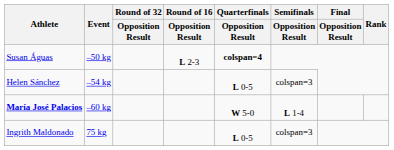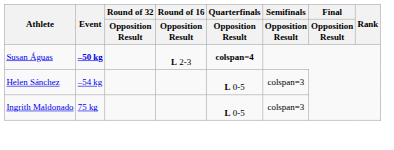 <table class=wikitable style=font-size:90%;text-align:center>
 <tr>
 <th rowspan=2>Athlete</th>
 <th rowspan=2>Event</th>
 <th>Round of 32</th>
 <th>Round of 16</th>
 <th>Quarterfinals</th>
 <th>Semifinals</th>
 <th>Final</th>
 <th rowspan="2">Rank</th>
 </tr>
 <tr>
 <th>Opposition<br>Result</th>
 <th>Opposition<br>Result</th>
 <th>Opposition<br>Result</th>
 <th>Opposition<br>Result</th>
 <th>Opposition<br>Result</th>
 </tr>
 <tr align=center>
 <td align=left><a href='#'>Susan Águas</a></td>
-<td align=left><a href='#'>–50 kg</a></td>
+<td align=left><strong><a href='#'>–50 kg</a></strong></td>
 <td></td>
 <td><br><strong>L</strong> 2-3</td>
 <td><strong>colspan=4 </strong></td>
 </tr>
 <tr align=center>
 <td align=left><a href='#'>Helen Sánchez</a></td>
 <td align=left><a href='#'>–54 kg</a></td>
 <td></td>
 <td></td>
 <td><br><strong>L</strong> 0-5</td>
 <td>colspan=3 </td>
 </tr>
 <tr align=center>
-<td align=left><strong><a href='#'>María José Palacios</a></strong></td>
-<td align=left><a href='#'>–60 kg</a></td>
-<td></td>
-<td></td>
-<td><br><strong>W</strong> 5-0</td>
-<td><br><strong>L</strong> 1-4</td>
-<td></td>
-<td></td>
-</tr>
-<tr align=center>
 <td align=left><a href='#'>Ingrith Maldonado</a></td>
 <td align=left><a href='#'>75 kg</a></td>
 <td></td>
 <td></td>
 <td><br><strong>L</strong> 0-5</td>
 <td>colspan=3 </td>
 </tr>
 </table>
